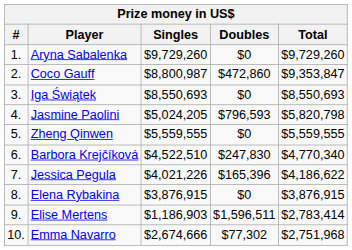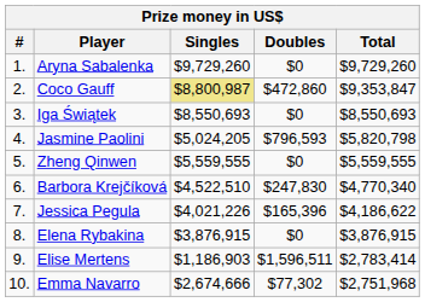 <table class="wikitable" style="text-align:center">
 <tr>
 <th colspan="6">Prize money in US$ </th>
 </tr>
 <tr>
 <th>#</th>
 <th scope="col">Player</th>
 <th scope="col">Singles</th>
 <th scope="col">Doubles<br></th>
 <th scope="col">Total</th>
 </tr>
 <tr>
 <td>1.</td>
 <td style="text-align:left"> <a href='#'>Aryna Sabalenka</a></td>
 <td>$9,729,260</td>
 <td>$0</td>
 <td>$9,729,260</td>
 </tr>
 <tr>
 <td>2.</td>
 <td style="text-align:left"> <a href='#'>Coco Gauff</a></td>
-<td>$8,800,987</td>
+<td style="background: khaki;">$8,800,987</td>
 <td>$472,860</td>
 <td>$9,353,847</td>
 </tr>
 <tr>
 <td>3.</td>
 <td style="text-align:left"> <a href='#'>Iga Świątek</a></td>
 <td>$8,550,693</td>
 <td>$0</td>
 <td>$8,550,693</td>
 </tr>
 <tr>
 <td>4.</td>
 <td style="text-align:left"> <a href='#'>Jasmine Paolini</a></td>
 <td>$5,024,205</td>
 <td>$796,593</td>
 <td>$5,820,798</td>
 </tr>
 <tr>
 <td>5.</td>
 <td style="text-align:left"> <a href='#'>Zheng Qinwen</a></td>
 <td>$5,559,555</td>
 <td>$0</td>
 <td>$5,559,555</td>
 </tr>
 <tr>
 <td>6.</td>
 <td style="text-align:left"> <a href='#'>Barbora Krejčíková</a></td>
 <td>$4,522,510</td>
 <td>$247,830</td>
 <td>$4,770,340</td>
 </tr>
 <tr>
 <td>7.</td>
 <td style="text-align:left"> <a href='#'>Jessica Pegula</a></td>
 <td>$4,021,226</td>
 <td>$165,396</td>
 <td>$4,186,622</td>
 </tr>
 <tr>
 <td>8.</td>
 <td style="text-align:left"> <a href='#'>Elena Rybakina</a></td>
 <td>$3,876,915</td>
 <td>$0</td>
 <td>$3,876,915</td>
 </tr>
 <tr>
 <td>9.</td>
 <td style="text-align:left"> <a href='#'>Elise Mertens</a></td>
 <td>$1,186,903</td>
 <td>$1,596,511</td>
 <td>$2,783,414</td>
 </tr>
 <tr>
 <td>10.</td>
 <td style="text-align:left"> <a href='#'>Emma Navarro</a></td>
 <td>$2,674,666</td>
 <td>$77,302</td>
 <td>$2,751,968</td>
 </tr>
 </table>
